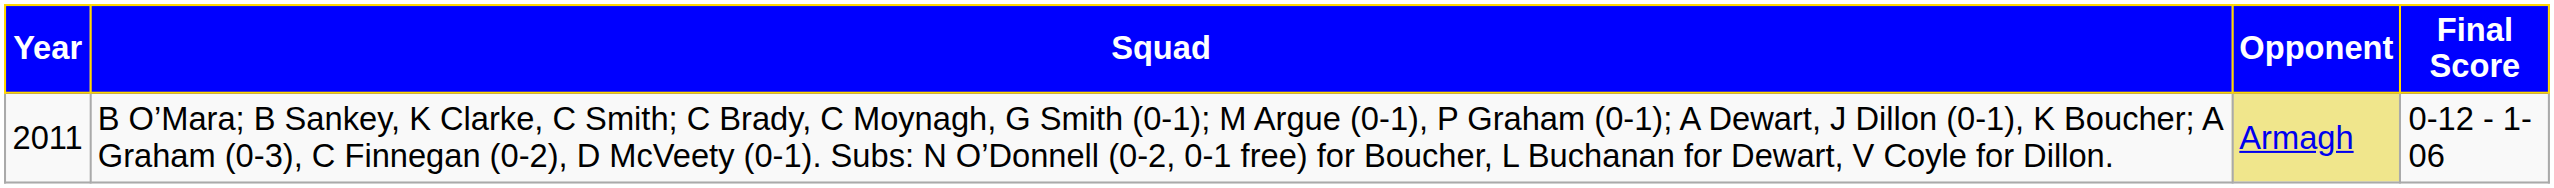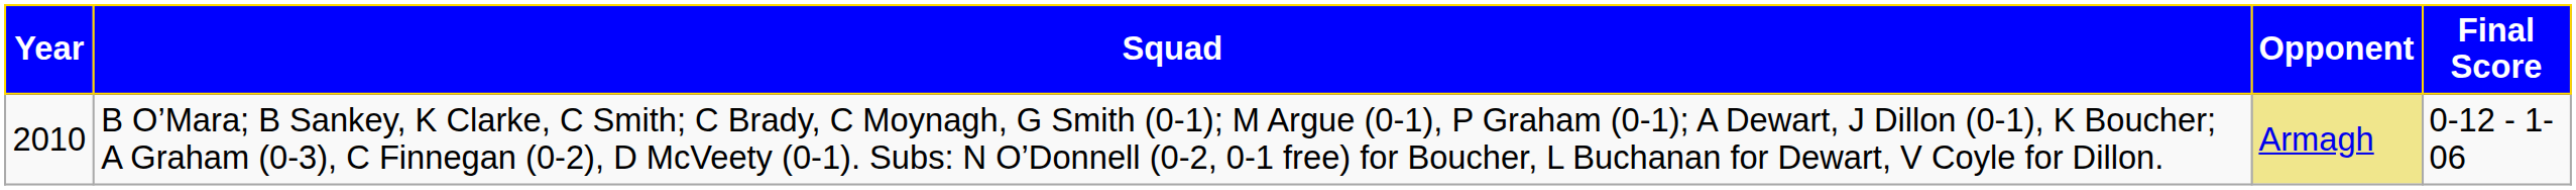 <table class="wikitable">
 <tr>
 <th style="background:blue; color:white; border:1px solid gold">Year</th>
 <th style="background:blue; color:white; border:1px solid gold">Squad</th>
 <th style="background:blue; color:white; border:1px solid gold">Opponent</th>
 <th style="background:blue; color:white; border:1px solid gold">Final Score</th>
 </tr>
 <tr>
-<td>2011</td>
+<td>2010</td>
 <td>B O’Mara; B Sankey, K Clarke, C Smith; C Brady, C Moynagh, G Smith (0-1); M Argue (0-1), P Graham (0-1); A Dewart, J Dillon (0-1), K Boucher; A Graham (0-3), C Finnegan (0-2), D McVeety (0-1). Subs: N O’Donnell (0-2, 0-1 free) for Boucher, L Buchanan for Dewart, V Coyle for Dillon.</td>
 <td style="background: khaki;"><a href='#'>Armagh</a></td>
 <td>0-12 - 1-06<br></td>
 </tr>
 </table>
